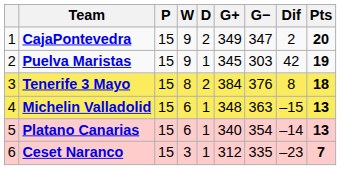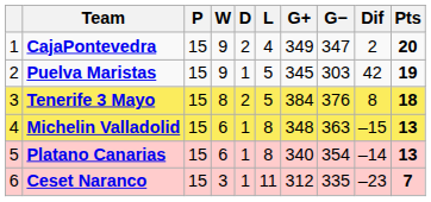 <table class="wikitable sortable" style="text-align: center;">
 <tr>
 <th align="center"></th>
 <th align="center">Team</th>
 <th align="center">P</th>
 <th align="center">W</th>
 <th align="center">D</th>
+<th align="center">L</th>
 <th align="center">G+</th>
 <th align="center">G−</th>
 <th align="center">Dif</th>
 <th align="center">Pts</th>
 </tr>
 <tr style="background:">
 <td>1</td>
 <td align="left"><strong><a href='#'>CajaPontevedra</a></strong></td>
 <td>15</td>
 <td>9</td>
 <td>2</td>
+<td>4</td>
 <td>349</td>
 <td>347</td>
 <td>2</td>
 <td><strong>20</strong></td>
 </tr>
 <tr style="background:">
 <td>2</td>
 <td align="left"><strong><a href='#'>Puelva Maristas</a></strong></td>
 <td>15</td>
 <td>9</td>
 <td>1</td>
+<td>5</td>
 <td>345</td>
 <td>303</td>
 <td>42</td>
 <td><strong>19</strong></td>
 </tr>
 <tr style="background: #FBEC5D;">
 <td>3</td>
 <td align="left"><strong><a href='#'>Tenerife 3 Mayo</a></strong></td>
 <td>15</td>
 <td>8</td>
 <td>2</td>
+<td>5</td>
 <td>384</td>
 <td>376</td>
 <td>8</td>
 <td><strong>18</strong></td>
 </tr>
 <tr style="background: #FBEC5D;">
 <td>4</td>
 <td align="left"><strong><a href='#'>Michelin Valladolid</a></strong></td>
 <td>15</td>
 <td>6</td>
 <td>1</td>
+<td>8</td>
 <td>348</td>
 <td>363</td>
 <td>–15</td>
 <td><strong>13</strong></td>
 </tr>
 <tr style="background: #FFCCCC;">
 <td>5</td>
 <td align="left"><strong><a href='#'>Platano Canarias</a></strong></td>
 <td>15</td>
 <td>6</td>
 <td>1</td>
+<td>8</td>
 <td>340</td>
 <td>354</td>
 <td>–14</td>
 <td><strong>13</strong></td>
 </tr>
 <tr style="background: #FFCCCC;">
 <td>6</td>
 <td align="left"><strong><a href='#'>Ceset Naranco</a></strong></td>
 <td>15</td>
 <td>3</td>
 <td>1</td>
+<td>11</td>
 <td>312</td>
 <td>335</td>
 <td>–23</td>
 <td><strong>7</strong></td>
 </tr>
 </table>
